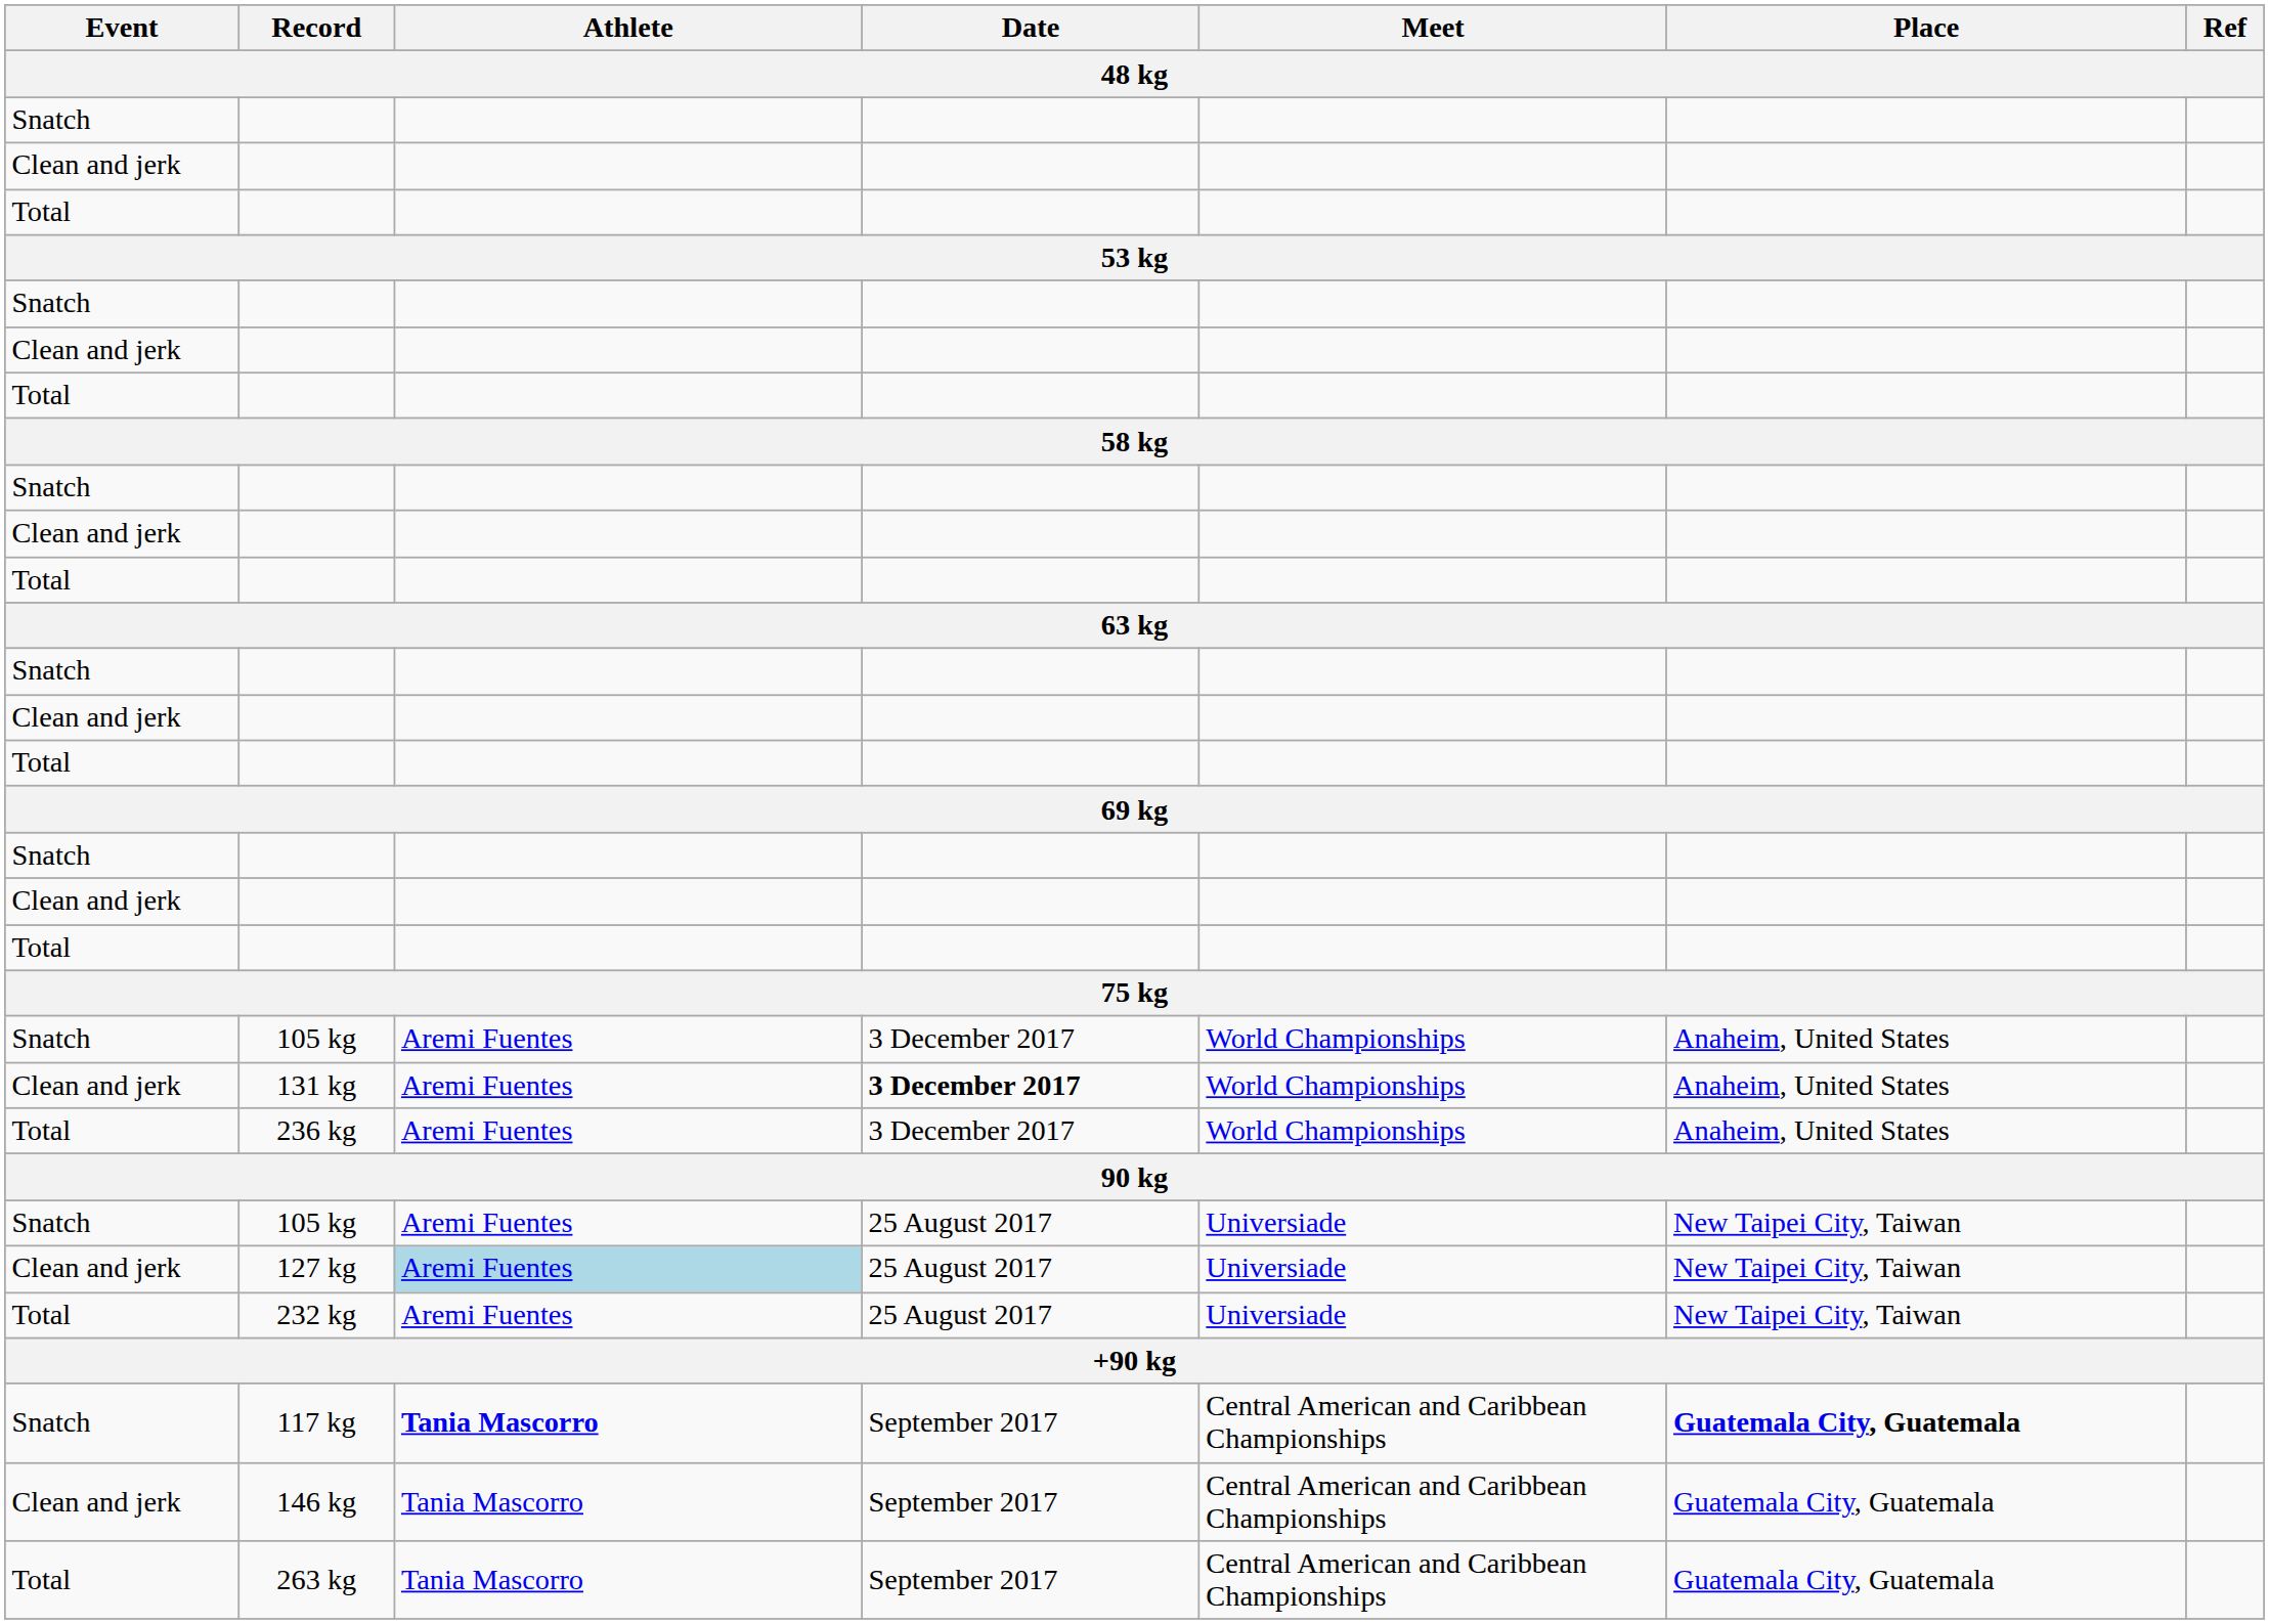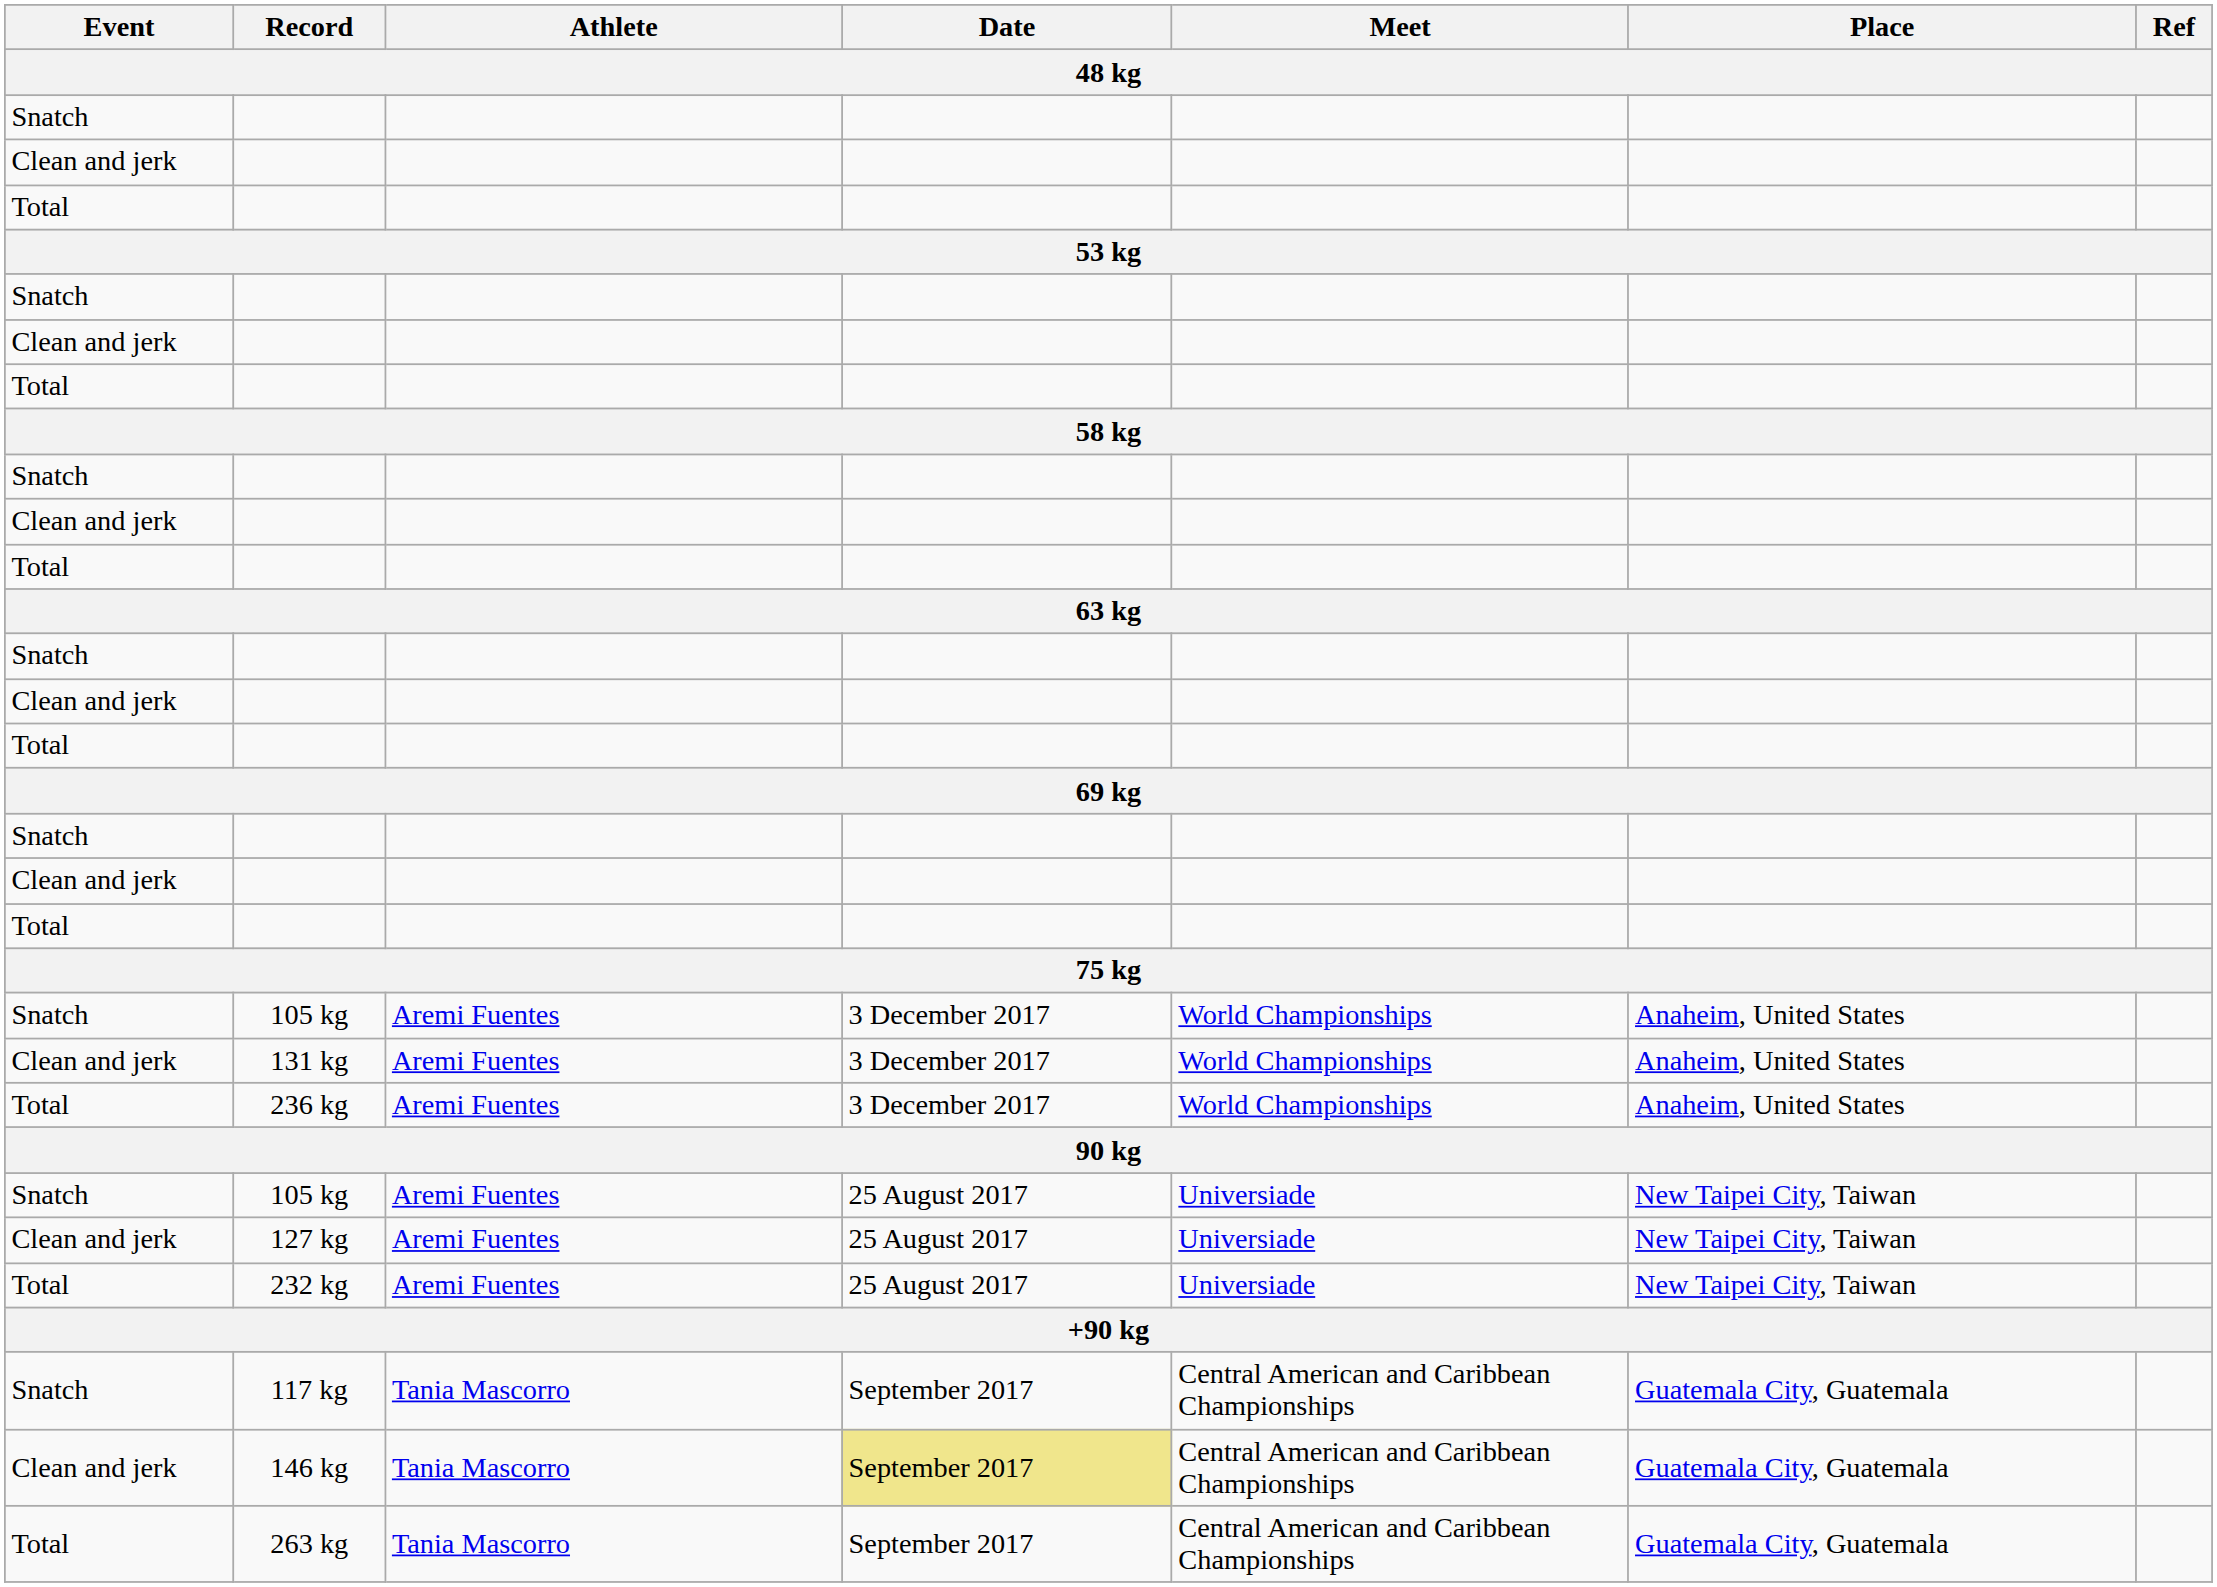 <table class="wikitable">
 <tr>
 <th width=9%>Event</th>
 <th width=6%>Record</th>
 <th width=18%>Athlete</th>
 <th width=13%>Date</th>
 <th width=18%>Meet</th>
 <th width=20%>Place</th>
 <th width=3%>Ref</th>
 </tr>
 <tr bgcolor="#DDDDDD">
 <th colspan="8">48 kg</th>
 </tr>
 <tr>
 <td>Snatch</td>
 <td></td>
 <td></td>
 <td></td>
 <td></td>
 <td></td>
 <td></td>
 </tr>
 <tr>
 <td>Clean and jerk</td>
 <td align="center"></td>
 <td></td>
 <td></td>
 <td></td>
 <td></td>
 <td></td>
 </tr>
 <tr>
 <td>Total</td>
 <td></td>
 <td></td>
 <td></td>
 <td></td>
 <td></td>
 <td></td>
 </tr>
 <tr bgcolor="#DDDDDD">
 <th colspan="8">53 kg</th>
 </tr>
 <tr>
 <td>Snatch</td>
 <td></td>
 <td></td>
 <td></td>
 <td></td>
 <td></td>
 <td></td>
 </tr>
 <tr>
 <td>Clean and jerk</td>
 <td></td>
 <td></td>
 <td></td>
 <td></td>
 <td></td>
 <td></td>
 </tr>
 <tr>
 <td>Total</td>
 <td></td>
 <td></td>
 <td></td>
 <td></td>
 <td></td>
 <td></td>
 </tr>
 <tr bgcolor="#DDDDDD">
 <th colspan="8">58 kg</th>
 </tr>
 <tr>
 <td>Snatch</td>
 <td></td>
 <td></td>
 <td></td>
 <td></td>
 <td></td>
 <td></td>
 </tr>
 <tr>
 <td>Clean and jerk</td>
 <td></td>
 <td></td>
 <td></td>
 <td></td>
 <td></td>
 <td></td>
 </tr>
 <tr>
 <td>Total</td>
 <td></td>
 <td></td>
 <td></td>
 <td></td>
 <td></td>
 <td></td>
 </tr>
 <tr bgcolor="#DDDDDD">
 <th colspan="8">63 kg</th>
 </tr>
 <tr>
 <td>Snatch</td>
 <td></td>
 <td></td>
 <td></td>
 <td></td>
 <td></td>
 <td></td>
 </tr>
 <tr>
 <td>Clean and jerk</td>
 <td></td>
 <td></td>
 <td></td>
 <td></td>
 <td></td>
 <td></td>
 </tr>
 <tr>
 <td>Total</td>
 <td></td>
 <td></td>
 <td></td>
 <td></td>
 <td></td>
 <td></td>
 </tr>
 <tr bgcolor="#DDDDDD">
 <th colspan="8">69 kg</th>
 </tr>
 <tr>
 <td>Snatch</td>
 <td></td>
 <td></td>
 <td></td>
 <td></td>
 <td></td>
 <td></td>
 </tr>
 <tr>
 <td>Clean and jerk</td>
 <td></td>
 <td></td>
 <td></td>
 <td></td>
 <td></td>
 <td></td>
 </tr>
 <tr>
 <td>Total</td>
 <td></td>
 <td></td>
 <td></td>
 <td></td>
 <td></td>
 <td></td>
 </tr>
 <tr bgcolor="#DDDDDD">
 <th colspan="8">75 kg</th>
 </tr>
 <tr>
 <td>Snatch</td>
 <td align="center">105 kg</td>
 <td><a href='#'>Aremi Fuentes</a></td>
 <td>3 December 2017</td>
 <td><a href='#'>World Championships</a></td>
 <td><a href='#'>Anaheim</a>, United States</td>
 <td></td>
 </tr>
 <tr>
 <td>Clean and jerk</td>
 <td align="center">131 kg</td>
 <td><a href='#'>Aremi Fuentes</a></td>
-<td><strong>3 December 2017</strong></td>
+<td>3 December 2017</td>
 <td><a href='#'>World Championships</a></td>
 <td><a href='#'>Anaheim</a>, United States</td>
 <td></td>
 </tr>
 <tr>
 <td>Total</td>
 <td align="center">236 kg</td>
 <td><a href='#'>Aremi Fuentes</a></td>
 <td>3 December 2017</td>
 <td><a href='#'>World Championships</a></td>
 <td><a href='#'>Anaheim</a>, United States</td>
 <td></td>
 </tr>
 <tr bgcolor="#DDDDDD">
 <th colspan="8">90 kg</th>
 </tr>
 <tr>
 <td>Snatch</td>
 <td align="center">105 kg</td>
 <td><a href='#'>Aremi Fuentes</a></td>
 <td>25 August 2017</td>
 <td><a href='#'>Universiade</a></td>
 <td><a href='#'>New Taipei City</a>, Taiwan</td>
 <td></td>
 </tr>
 <tr>
 <td>Clean and jerk</td>
 <td align="center">127 kg</td>
-<td style="background: lightblue;"><a href='#'>Aremi Fuentes</a></td>
+<td><a href='#'>Aremi Fuentes</a></td>
 <td>25 August 2017</td>
 <td><a href='#'>Universiade</a></td>
 <td><a href='#'>New Taipei City</a>, Taiwan</td>
 <td></td>
 </tr>
 <tr>
 <td>Total</td>
 <td align="center">232 kg</td>
 <td><a href='#'>Aremi Fuentes</a></td>
 <td>25 August 2017</td>
 <td><a href='#'>Universiade</a></td>
 <td><a href='#'>New Taipei City</a>, Taiwan</td>
 <td></td>
 </tr>
 <tr bgcolor="#DDDDDD">
 <th colspan="8">+90 kg</th>
 </tr>
 <tr>
 <td>Snatch</td>
 <td align="center">117 kg</td>
-<td><strong><a href='#'>Tania Mascorro</a></strong></td>
+<td><a href='#'>Tania Mascorro</a></td>
 <td>September 2017</td>
 <td>Central American and Caribbean Championships</td>
-<td><strong><a href='#'>Guatemala City</a>, Guatemala</strong></td>
+<td><a href='#'>Guatemala City</a>, Guatemala</td>
 <td></td>
 </tr>
 <tr>
 <td>Clean and jerk</td>
 <td align="center">146 kg</td>
 <td><a href='#'>Tania Mascorro</a></td>
-<td>September 2017</td>
+<td style="background: khaki;">September 2017</td>
 <td>Central American and Caribbean Championships</td>
 <td><a href='#'>Guatemala City</a>, Guatemala</td>
 <td></td>
 </tr>
 <tr>
 <td>Total</td>
 <td align="center">263 kg</td>
 <td><a href='#'>Tania Mascorro</a></td>
 <td>September 2017</td>
 <td>Central American and Caribbean Championships</td>
 <td><a href='#'>Guatemala City</a>, Guatemala</td>
 <td></td>
 </tr>
 </table>
